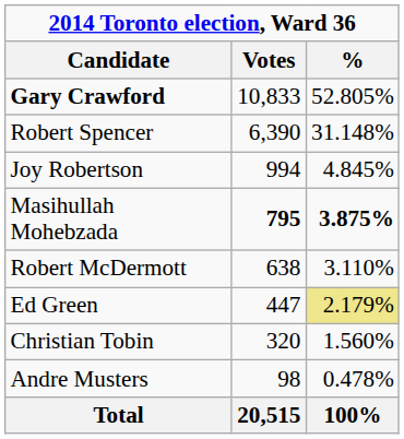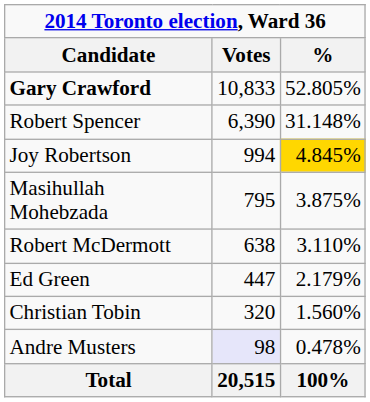 <table class="wikitable" style="margin-bottom:0;">
 <tr>
 <td Colspan="3" align="center"><strong><a href='#'>2014 Toronto election</a>, Ward 36</strong></td>
 </tr>
 <tr>
 <th bgcolor="#DDDDFF" width="150px">Candidate</th>
 <th bgcolor="#DDDDFF">Votes</th>
 <th bgcolor="#DDDDFF">%</th>
 </tr>
 <tr>
 <td><strong>Gary Crawford </strong></td>
 <td align=right>10,833</td>
 <td align=right>52.805%</td>
 </tr>
 <tr>
 <td>Robert Spencer</td>
 <td align=right>6,390</td>
 <td align=right>31.148%</td>
 </tr>
 <tr>
 <td>Joy Robertson</td>
 <td align=right>994</td>
-<td align=right>4.845%</td>
+<td align=right style="background: gold;">4.845%</td>
 </tr>
 <tr>
 <td>Masihullah Mohebzada</td>
-<td align=right><strong>795</strong></td>
-<td align=right><strong>3.875%</strong></td>
+<td align=right>795</td>
+<td align=right>3.875%</td>
 </tr>
 <tr>
 <td>Robert McDermott</td>
 <td align=right>638</td>
 <td align=right>3.110%</td>
 </tr>
 <tr>
 <td>Ed Green</td>
 <td align=right>447</td>
-<td align=right style="background: khaki;">2.179%</td>
+<td align=right>2.179%</td>
 </tr>
 <tr>
 <td>Christian Tobin</td>
 <td align=right>320</td>
 <td align=right>1.560%</td>
 </tr>
 <tr>
 <td>Andre Musters</td>
-<td align=right>98</td>
+<td align=right style="background: lavender;">98</td>
 <td align=right>0.478%</td>
 </tr>
 <tr>
 <th>Total</th>
 <th align=right>20,515</th>
 <th align=right>100%</th>
 </tr>
 </table>
